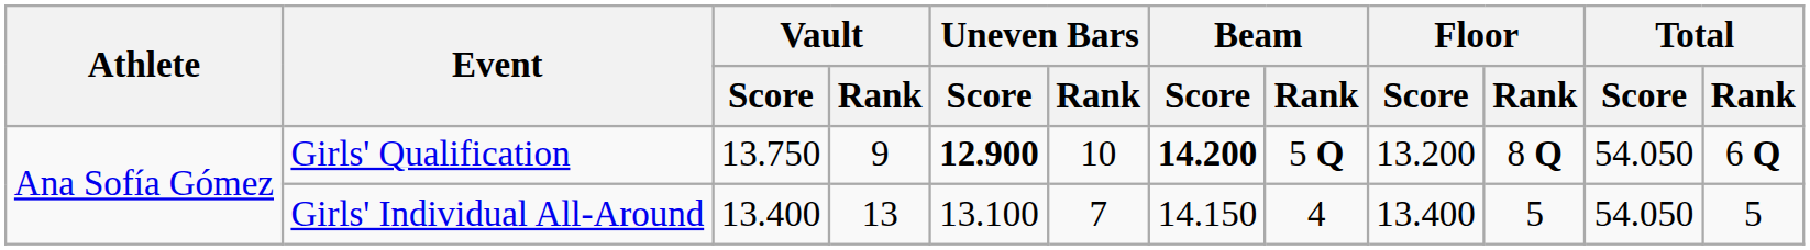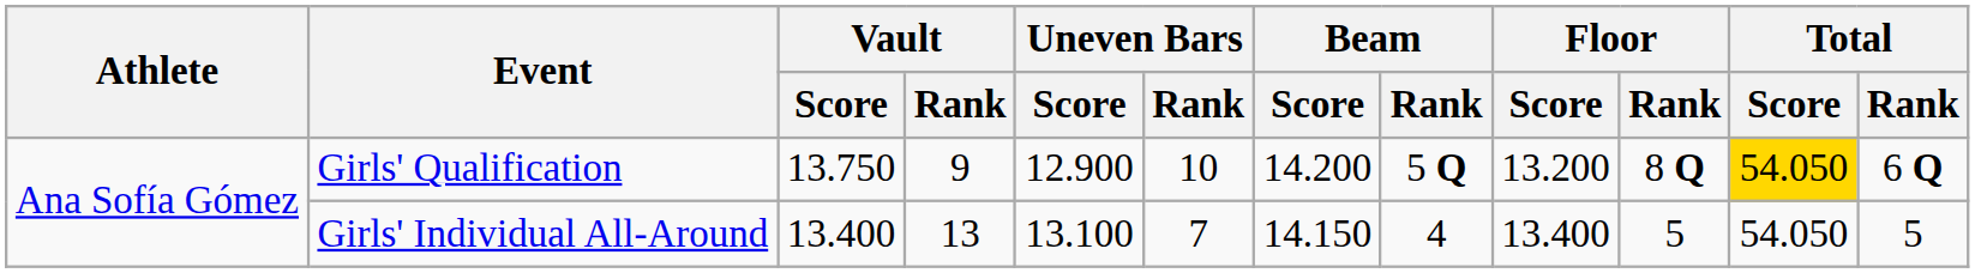 <table class="wikitable" border="1" style="font-size:90%">
 <tr>
 <th rowspan=2>Athlete</th>
 <th rowspan=2>Event</th>
 <th colspan=2>Vault</th>
 <th colspan=2>Uneven Bars</th>
 <th colspan=2>Beam</th>
 <th colspan=2>Floor</th>
 <th colspan=2>Total</th>
 </tr>
 <tr>
 <th>Score</th>
 <th>Rank</th>
 <th>Score</th>
 <th>Rank</th>
 <th>Score</th>
 <th>Rank</th>
 <th>Score</th>
 <th>Rank</th>
 <th>Score</th>
 <th>Rank</th>
 </tr>
 <tr>
 <td rowspan=2><a href='#'>Ana Sofía Gómez</a></td>
 <td><a href='#'>Girls' Qualification</a></td>
 <td align=center>13.750</td>
 <td align=center>9</td>
-<td align=center><strong>12.900</strong></td>
+<td align=center>12.900</td>
 <td align=center>10</td>
-<td align=center><strong>14.200</strong></td>
+<td align=center>14.200</td>
 <td align=center>5 <strong>Q</strong></td>
 <td align=center>13.200</td>
 <td align=center>8 <strong>Q</strong></td>
-<td align=center>54.050</td>
+<td align=center style="background: gold;">54.050</td>
 <td align=center>6 <strong>Q</strong></td>
 </tr>
 <tr>
 <td><a href='#'>Girls' Individual All-Around</a></td>
 <td align=center>13.400</td>
 <td align=center>13</td>
 <td align=center>13.100</td>
 <td align=center>7</td>
 <td align=center>14.150</td>
 <td align=center>4</td>
 <td align=center>13.400</td>
 <td align=center>5</td>
 <td align=center>54.050</td>
 <td align=center>5</td>
 </tr>
 </table>
